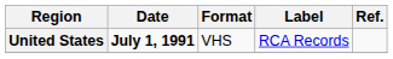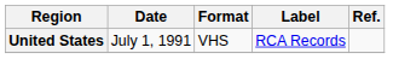 <table class="wikitable plainrowheaders">
 <tr>
 <th scope="col">Region</th>
 <th scope="col">Date</th>
 <th scope="col">Format</th>
 <th scope="col">Label</th>
 <th scope="col">Ref.</th>
 </tr>
 <tr>
 <th scope="row">United States</th>
-<td><strong>July 1, 1991</strong></td>
+<td>July 1, 1991</td>
 <td>VHS</td>
 <td><a href='#'>RCA Records</a></td>
 <td></td>
 </tr>
 <tr>
 </tr>
 </table>
